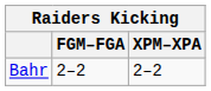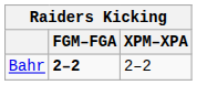 <table class="wikitable">
 <tr>
 <th colspan="3">Raiders Kicking</th>
 </tr>
 <tr>
 <th></th>
 <th>FGM–FGA</th>
 <th>XPM–XPA</th>
 </tr>
 <tr>
 <td><a href='#'>Bahr</a></td>
-<td>2–2</td>
+<td><strong>2–2</strong></td>
 <td>2–2</td>
 </tr>
 </table>
